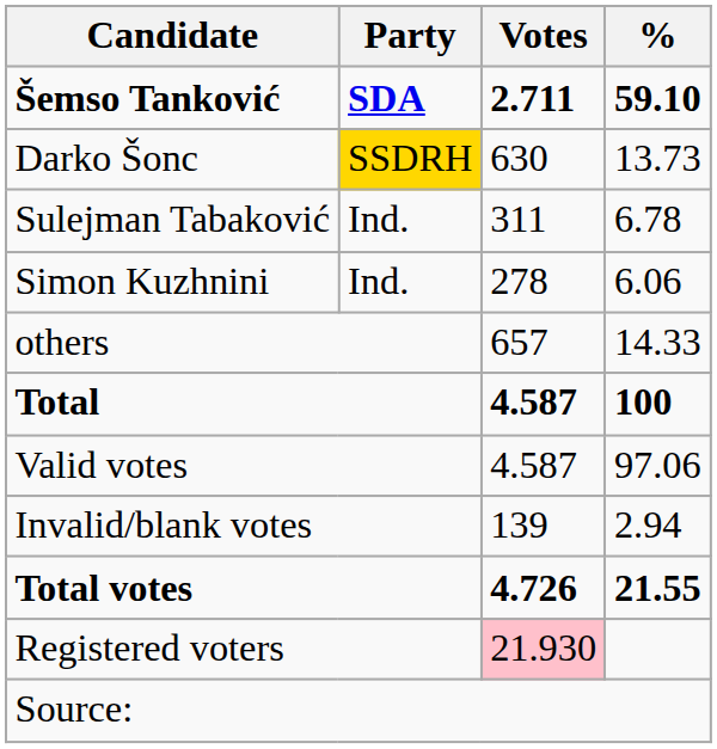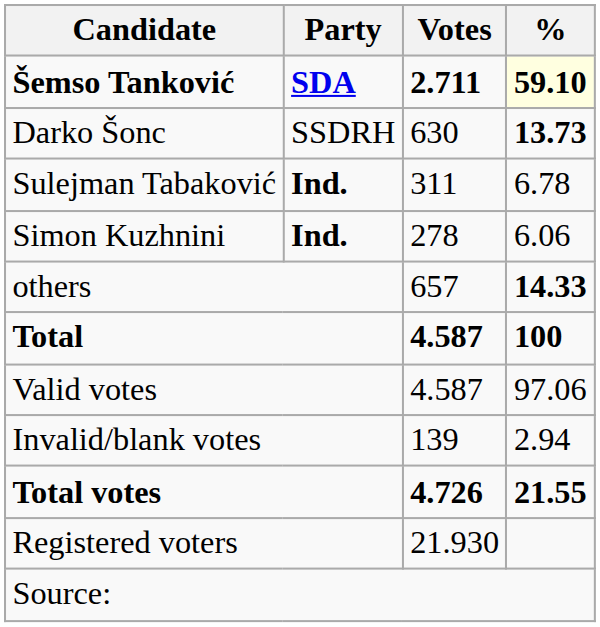 <table class="wikitable" style="text-align: left;">
 <tr>
 <th>Candidate</th>
 <th>Party</th>
 <th>Votes</th>
 <th>%</th>
 </tr>
 <tr>
 <td><strong>Šemso Tanković</strong></td>
 <td><a href='#'><strong>SDA</strong></a></td>
 <td><strong>2.711</strong></td>
-<td><strong>59.10</strong></td>
+<td style="background: lightyellow;"><strong>59.10</strong></td>
 </tr>
 <tr>
 <td>Darko Šonc</td>
-<td style="background: gold;">SSDRH</td>
+<td>SSDRH</td>
 <td>630</td>
-<td>13.73</td>
+<td><strong>13.73</strong></td>
 </tr>
 <tr>
 <td>Sulejman Tabaković</td>
-<td>Ind.</td>
+<td><strong>Ind.</strong></td>
 <td>311</td>
 <td>6.78</td>
 </tr>
 <tr>
 <td>Simon Kuzhnini</td>
-<td>Ind.</td>
+<td><strong>Ind.</strong></td>
 <td>278</td>
 <td>6.06</td>
 </tr>
 <tr>
 <td colspan="2">others</td>
 <td>657</td>
-<td>14.33</td>
+<td><strong>14.33</strong></td>
 </tr>
 <tr>
 <td colspan="2"><strong>Total</strong></td>
 <td><strong>4.587</strong></td>
 <td><strong>100</strong></td>
 </tr>
 <tr>
 <td colspan="2">Valid votes</td>
 <td>4.587</td>
 <td>97.06</td>
 </tr>
 <tr>
 <td colspan="2">Invalid/blank votes</td>
 <td>139</td>
 <td>2.94</td>
 </tr>
 <tr>
 <td colspan="2"><strong>Total votes</strong></td>
 <td><strong>4.726</strong></td>
 <td><strong>21.55</strong></td>
 </tr>
 <tr>
 <td colspan="2">Registered voters</td>
-<td style="background: pink;">21.930</td>
+<td>21.930</td>
 <td></td>
 </tr>
 <tr>
 <td colspan="4">Source: </td>
 </tr>
 </table>
